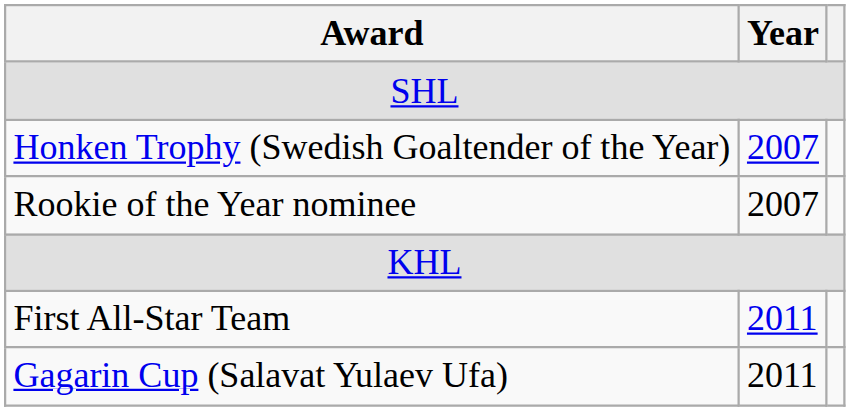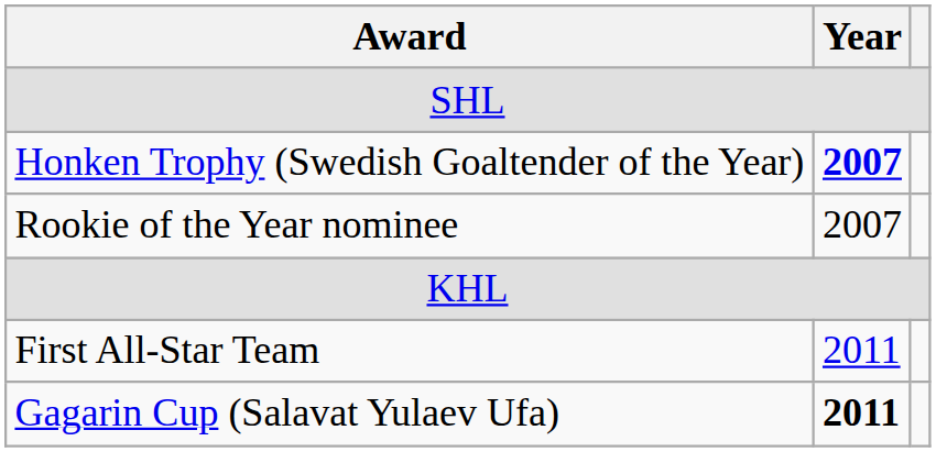 <table class="wikitable">
 <tr>
 <th>Award</th>
 <th>Year</th>
 <th></th>
 </tr>
 <tr ALIGN="center" bgcolor="#e0e0e0">
 <td colspan="3"><a href='#'>SHL</a></td>
 </tr>
 <tr>
 <td><a href='#'>Honken Trophy</a> (Swedish Goaltender of the Year)</td>
-<td><a href='#'>2007</a></td>
+<td><strong><a href='#'>2007</a></strong></td>
 <td></td>
 </tr>
 <tr>
 <td>Rookie of the Year nominee</td>
 <td>2007</td>
 <td></td>
 </tr>
 <tr ALIGN="center" bgcolor="#e0e0e0">
 <td colspan="3"><a href='#'>KHL</a></td>
 </tr>
 <tr>
 <td>First All-Star Team</td>
 <td><a href='#'>2011</a></td>
 <td></td>
 </tr>
 <tr>
 <td><a href='#'>Gagarin Cup</a> (Salavat Yulaev Ufa)</td>
-<td>2011</td>
+<td><strong>2011</strong></td>
 <td></td>
 </tr>
 </table>
